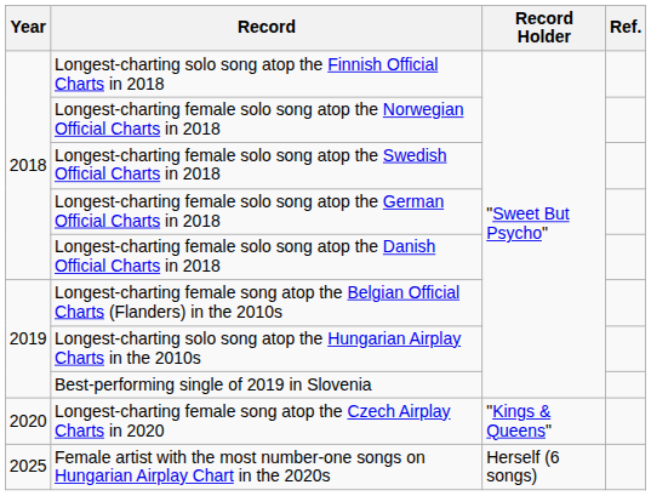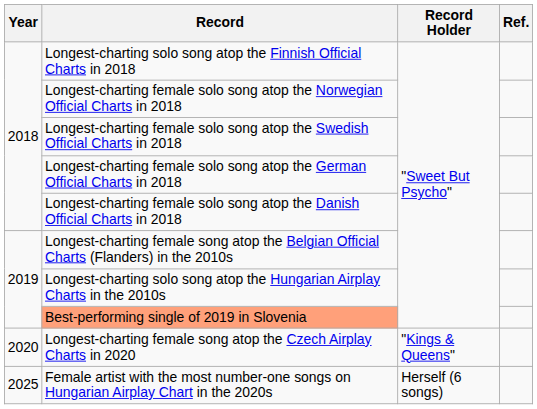 <table class="wikitable">
 <tr>
 <th>Year</th>
 <th>Record</th>
 <th>Record Holder</th>
 <th>Ref.</th>
 </tr>
 <tr>
 <td rowspan="5">2018</td>
 <td>Longest-charting solo song atop the <a href='#'>Finnish Official Charts</a> in 2018</td>
 <td rowspan="8">"<a href='#'>Sweet But Psycho</a>"</td>
 <td></td>
 </tr>
 <tr>
 <td>Longest-charting female solo song atop the <a href='#'>Norwegian Official Charts</a> in 2018</td>
 <td></td>
 </tr>
 <tr>
 <td>Longest-charting female solo song atop the <a href='#'>Swedish Official Charts</a> in 2018</td>
 <td></td>
 </tr>
 <tr>
 <td>Longest-charting female solo song atop the <a href='#'>German Official Charts</a> in 2018</td>
 <td></td>
 </tr>
 <tr>
 <td>Longest-charting female solo song atop the <a href='#'>Danish Official Charts</a> in 2018</td>
 <td></td>
 </tr>
 <tr>
 <td rowspan="3">2019</td>
 <td>Longest-charting female song atop the <a href='#'>Belgian Official Charts</a> (Flanders) in the 2010s</td>
 <td></td>
 </tr>
 <tr>
 <td>Longest-charting solo song atop the <a href='#'>Hungarian Airplay Charts</a> in the 2010s</td>
 <td></td>
 </tr>
 <tr>
-<td>Best-performing single of 2019 in Slovenia</td>
+<td style="background: lightsalmon;">Best-performing single of 2019 in Slovenia</td>
 <td></td>
 </tr>
 <tr>
 <td>2020</td>
 <td>Longest-charting female song atop the <a href='#'>Czech Airplay Charts</a> in 2020</td>
 <td>"<a href='#'>Kings & Queens</a>"</td>
 <td></td>
 </tr>
 <tr>
 <td>2025</td>
 <td>Female artist with the most number-one songs on <a href='#'>Hungarian Airplay Chart</a> in the 2020s</td>
 <td>Herself (6 songs)</td>
 <td></td>
 </tr>
 </table>
